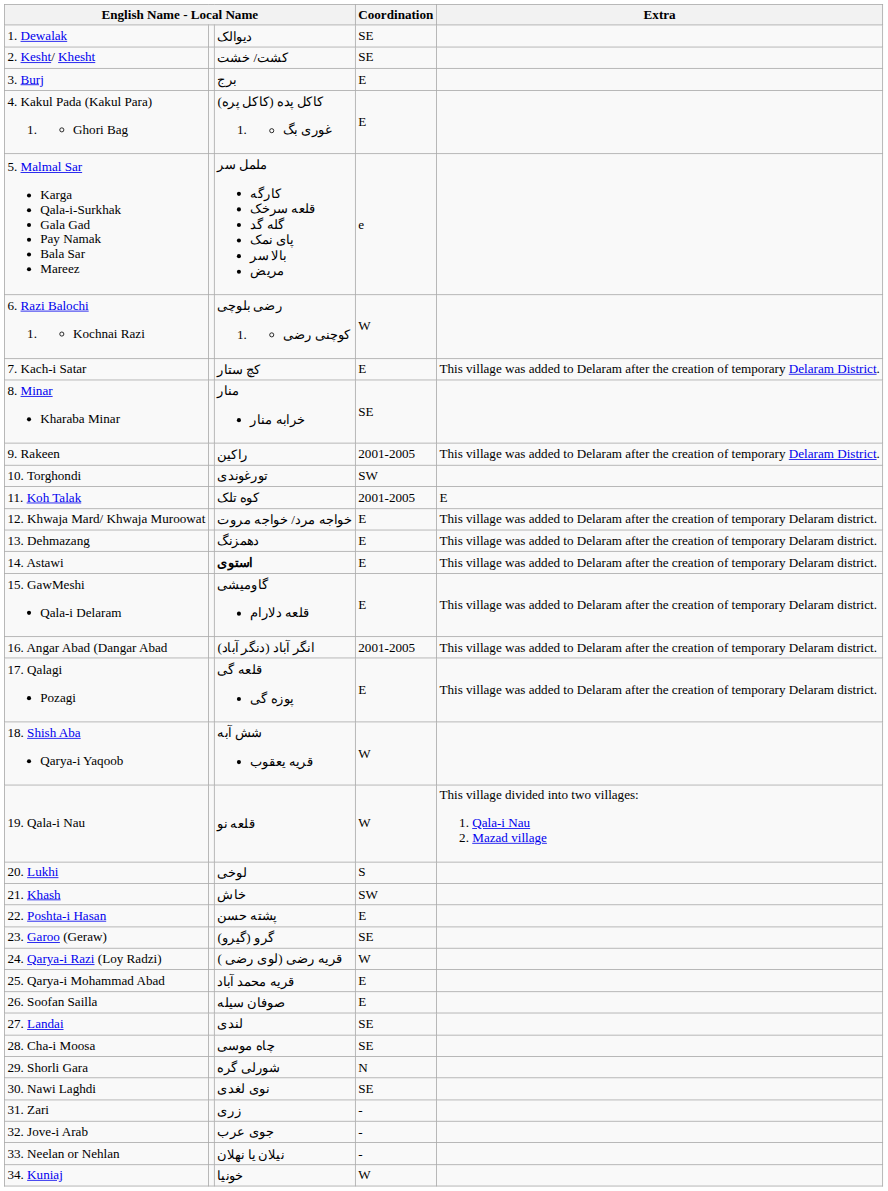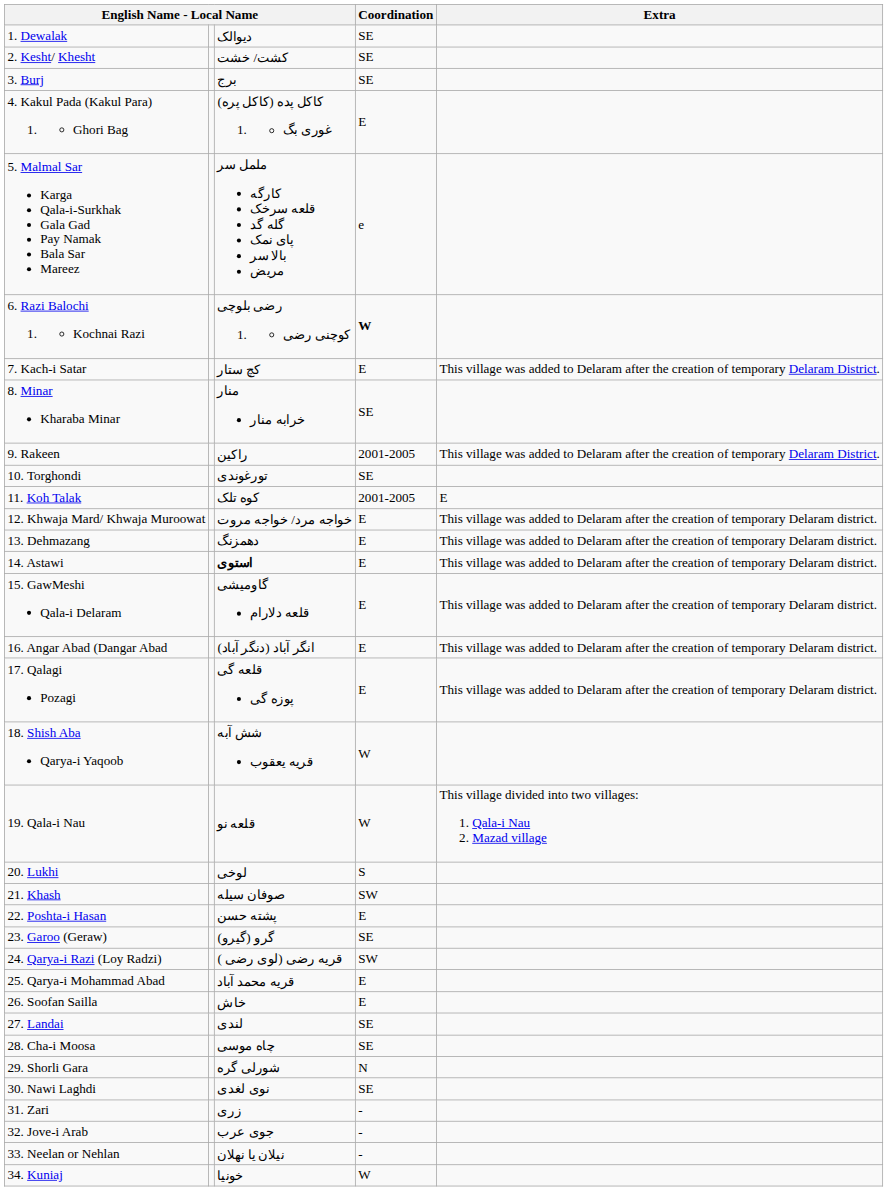 <table class="wikitable">
 <tr>
 <th colspan="3">English Name - Local Name</th>
 <th>Coordination</th>
 <th>Extra</th>
 </tr>
 <tr>
 <td>1. <a href='#'>Dewalak</a></td>
 <td></td>
 <td>دیوالک</td>
 <td>SE</td>
 <td></td>
 </tr>
 <tr>
 <td>2. <a href='#'>Kesht</a>/ <a href='#'>Khesht</a></td>
 <td></td>
 <td>کشت/ خشت</td>
 <td>SE</td>
 <td></td>
 </tr>
 <tr>
 <td>3. <a href='#'>Burj</a></td>
 <td></td>
 <td>برج</td>
-<td>E</td>
+<td>SE</td>
 <td></td>
 </tr>
 <tr>
 <td>4. Kakul Pada (Kakul Para)<br><ol><li><ul><li>Ghori Bag</li></ul></li></ol></td>
 <td></td>
 <td>کاکل پده (کاکل پره)<br><ol><li><ul><li>غوری بگ</li></ul></li></ol></td>
 <td>E</td>
 <td></td>
 </tr>
 <tr>
 <td>5. <a href='#'>Malmal Sar</a><br><ul><li>Karga</li><li>Qala-i-Surkhak</li><li>Gala Gad</li><li>Pay Namak</li><li>Bala Sar</li><li>Mareez</li></ul></td>
 <td></td>
 <td>ململ سر<br><ul><li>کارگه</li><li>قلعه سرخک</li><li>گله گد</li><li>پای نمک</li><li>بالا سر</li><li>مریض</li></ul></td>
 <td>e</td>
 <td></td>
 </tr>
 <tr>
 <td>6. <a href='#'>Razi Balochi</a><br><ol><li><ul><li>Kochnai Razi</li></ul></li></ol></td>
 <td></td>
 <td>رضی بلوچی<br><ol><li><ul><li>کوچنی رضی</li></ul></li></ol></td>
-<td>W</td>
+<td><strong>W</strong></td>
 <td></td>
 </tr>
 <tr>
 <td>7. Kach-i Satar</td>
 <td></td>
 <td>کچ ستار</td>
 <td>E</td>
 <td>This village was added to Delaram after the creation of temporary <a href='#'>Delaram District</a>.</td>
 </tr>
 <tr>
 <td>8. <a href='#'>Minar</a><br><ul><li>Kharaba Minar</li></ul></td>
 <td></td>
 <td>منار<br><ul><li>خرابه منار</li></ul></td>
 <td>SE</td>
 <td></td>
 </tr>
 <tr>
 <td>9. Rakeen</td>
 <td></td>
 <td>راکین</td>
 <td>2001-2005</td>
 <td>This village was added to Delaram after the creation of temporary <a href='#'>Delaram District</a>.</td>
 </tr>
 <tr>
 <td>10. Torghondi</td>
 <td></td>
 <td>تورغوندی</td>
-<td>SW</td>
+<td>SE</td>
 <td></td>
 </tr>
 <tr>
 <td>11. <a href='#'>Koh Talak</a></td>
 <td></td>
 <td>کوه تلک</td>
 <td>2001-2005</td>
 <td>E</td>
 </tr>
 <tr>
 <td>12. Khwaja Mard/ Khwaja Muroowat</td>
 <td></td>
 <td>خواجه مرد/ خواجه مروت</td>
 <td>E</td>
 <td>This village was added to Delaram after the creation of temporary Delaram district.</td>
 </tr>
 <tr>
 <td>13. Dehmazang</td>
 <td></td>
 <td>دهمزنگ</td>
 <td>E</td>
 <td>This village was added to Delaram after the creation of temporary Delaram district.</td>
 </tr>
 <tr>
 <td>14. Astawi</td>
 <td></td>
 <td><strong>استوی</strong></td>
 <td>E</td>
 <td>This village was added to Delaram after the creation of temporary Delaram district.</td>
 </tr>
 <tr>
 <td>15. GawMeshi<br><ul><li>Qala-i Delaram</li></ul></td>
 <td></td>
 <td>گاومیشی<br><ul><li>قلعه دلارام</li></ul></td>
 <td>E</td>
 <td>This village was added to Delaram after the creation of temporary Delaram district.</td>
 </tr>
 <tr>
 <td>16. Angar Abad (Dangar Abad</td>
 <td></td>
 <td>انگر آباد (دنگر آباد)</td>
-<td>2001-2005</td>
+<td>E</td>
 <td>This village was added to Delaram after the creation of temporary Delaram district.</td>
 </tr>
 <tr>
 <td>17. Qalagi<br><ul><li>Pozagi</li></ul></td>
 <td></td>
 <td>قلعه گی<br><ul><li>پوزه گی</li></ul></td>
 <td>E</td>
 <td>This village was added to Delaram after the creation of temporary Delaram district.</td>
 </tr>
 <tr>
 <td>18. <a href='#'>Shish Aba</a><br><ul><li>Qarya-i Yaqoob</li></ul></td>
 <td></td>
 <td>شش آبه<br><ul><li>قریه یعقوب</li></ul></td>
 <td>W</td>
 <td></td>
 </tr>
 <tr>
 <td>19. Qala-i Nau</td>
 <td></td>
 <td>قلعه نو</td>
 <td>W</td>
 <td>This village divided into two villages:<br><ol><li><a href='#'>Qala-i Nau</a></li><li><a href='#'>Mazad village</a></li></ol></td>
 </tr>
 <tr>
 <td>20. <a href='#'>Lukhi</a></td>
 <td></td>
 <td>لوخی</td>
 <td>S</td>
 <td></td>
 </tr>
 <tr>
 <td>21. <a href='#'>Khash</a></td>
 <td></td>
-<td>خاش</td>
+<td>صوفان سیله</td>
 <td>SW</td>
 <td></td>
 </tr>
 <tr>
 <td>22. <a href='#'>Poshta-i Hasan</a></td>
 <td></td>
 <td>پشته حسن</td>
 <td>E</td>
 <td></td>
 </tr>
 <tr>
 <td>23. <a href='#'>Garoo</a> (Geraw)</td>
 <td></td>
 <td>گرو (گیرو)</td>
 <td>SE</td>
 <td></td>
 </tr>
 <tr>
 <td>24. <a href='#'>Qarya-i Razi</a> (Loy Radzi)</td>
 <td></td>
 <td>قریه رضی (لوی رضی )</td>
-<td>W</td>
+<td>SW</td>
 <td></td>
 </tr>
 <tr>
 <td>25. Qarya-i Mohammad Abad</td>
 <td></td>
 <td>قریه محمد آباد</td>
 <td>E</td>
 <td></td>
 </tr>
 <tr>
 <td>26. Soofan Sailla</td>
 <td></td>
-<td>صوفان سیله</td>
+<td>خاش</td>
 <td>E</td>
 <td></td>
 </tr>
 <tr>
 <td>27. <a href='#'>Landai</a></td>
 <td></td>
 <td>لندی</td>
 <td>SE</td>
 <td></td>
 </tr>
 <tr>
 <td>28. Cha-i Moosa</td>
 <td></td>
 <td>چاه موسی</td>
 <td>SE</td>
 <td></td>
 </tr>
 <tr>
 <td>29. Shorli Gara</td>
 <td></td>
 <td>شورلی گره</td>
 <td>N</td>
 <td></td>
 </tr>
 <tr>
 <td>30. Nawi Laghdi</td>
 <td></td>
 <td>نوی لغدی</td>
 <td>SE</td>
 <td></td>
 </tr>
 <tr>
 <td>31. Zari</td>
 <td></td>
 <td>زری</td>
 <td>-</td>
 <td></td>
 </tr>
 <tr>
 <td>32. Jove-i Arab</td>
 <td></td>
 <td>جوی عرب</td>
 <td>-</td>
 <td></td>
 </tr>
 <tr>
 <td>33. Neelan or Nehlan</td>
 <td></td>
 <td>نیلان یا نهلان</td>
 <td>-</td>
 <td></td>
 </tr>
 <tr>
 <td>34. <a href='#'>Kuniaj</a></td>
 <td></td>
 <td>خونیا</td>
 <td>W</td>
 <td></td>
 </tr>
 </table>
